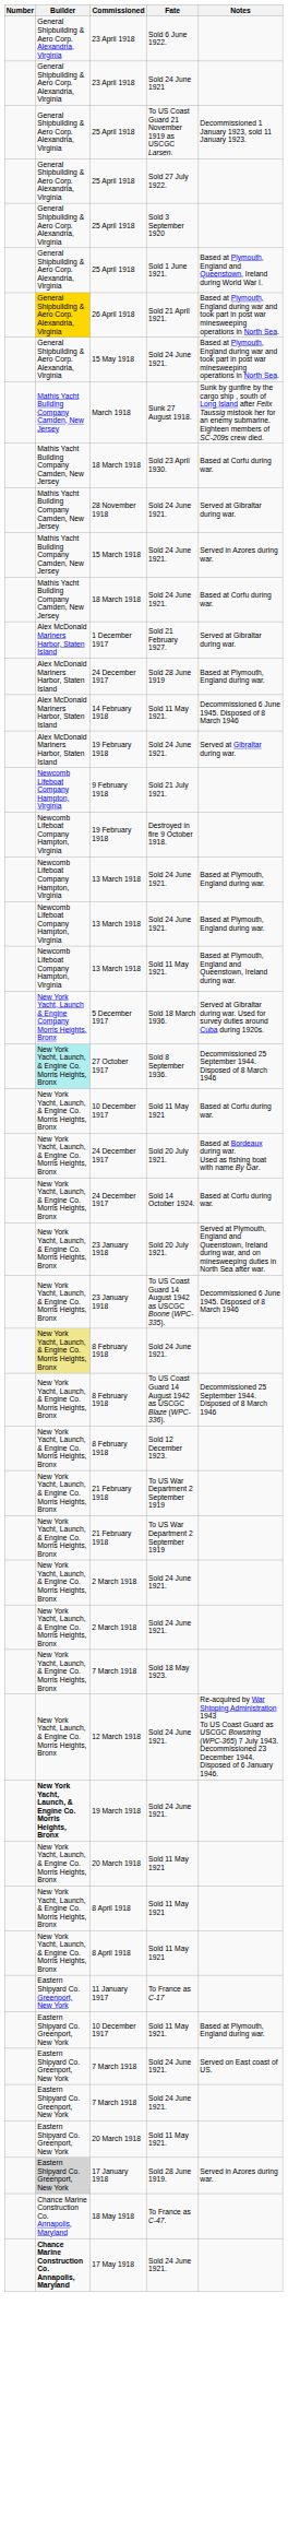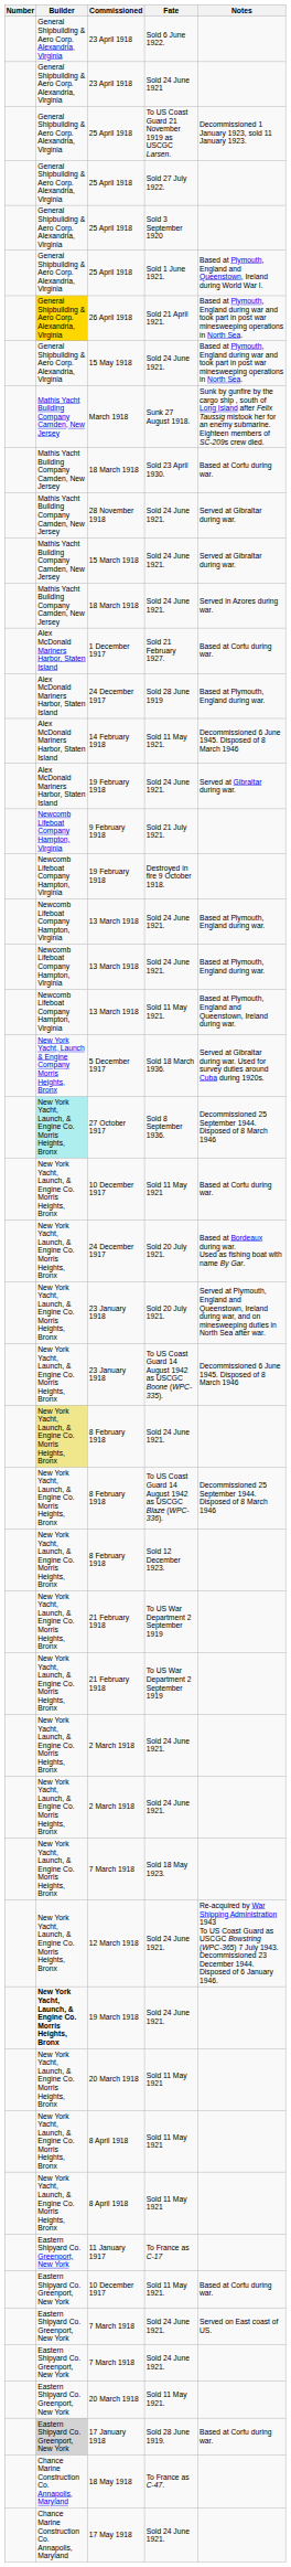 <table class="wikitable">
 <tr>
 <th>Number</th>
 <th>Builder</th>
 <th>Commissioned</th>
 <th>Fate</th>
 <th>Notes</th>
 </tr>
 <tr>
 <td></td>
 <td>General Shipbuilding & Aero Corp.<br><a href='#'>Alexandria, Virginia</a></td>
 <td>23 April 1918</td>
 <td>Sold 6 June 1922.</td>
 <td></td>
 </tr>
 <tr>
 <td></td>
 <td>General Shipbuilding & Aero Corp.<br>Alexandria, Virginia</td>
 <td>23 April 1918</td>
 <td>Sold 24 June 1921</td>
 <td></td>
 </tr>
 <tr>
 <td></td>
 <td>General Shipbuilding & Aero Corp.<br>Alexandria, Virginia</td>
 <td>25 April 1918</td>
 <td>To US Coast Guard 21 November 1919 as USCGC <em>Larsen</em>.</td>
 <td>Decommissioned 1 January 1923, sold 11 January 1923.</td>
 </tr>
 <tr>
 <td></td>
 <td>General Shipbuilding & Aero Corp.<br>Alexandria, Virginia</td>
 <td>25 April 1918</td>
 <td>Sold 27 July 1922.</td>
 <td></td>
 </tr>
 <tr>
 <td></td>
 <td>General Shipbuilding & Aero Corp.<br>Alexandria, Virginia</td>
 <td>25 April 1918</td>
 <td>Sold 3 September 1920</td>
 <td></td>
 </tr>
 <tr>
 <td></td>
 <td>General Shipbuilding & Aero Corp.<br>Alexandria, Virginia</td>
 <td>25 April 1918</td>
 <td>Sold 1 June 1921.</td>
 <td>Based at <a href='#'>Plymouth</a>, England and <a href='#'>Queenstown</a>, Ireland during World War I.</td>
 </tr>
 <tr>
 <td></td>
 <td style="background: gold;">General Shipbuilding & Aero Corp.<br>Alexandria, Virginia</td>
 <td>26 April 1918</td>
 <td>Sold 21 April 1921.</td>
 <td>Based at <a href='#'>Plymouth</a>, England during war and took part in post war minesweeping operations in <a href='#'>North Sea</a>.</td>
 </tr>
 <tr>
 <td></td>
 <td>General Shipbuilding & Aero Corp.<br>Alexandria, Virginia</td>
 <td>15 May 1918</td>
 <td>Sold 24 June 1921.</td>
 <td>Based at <a href='#'>Plymouth</a>, England during war and took part in post war minesweeping operations in <a href='#'>North Sea</a>.</td>
 </tr>
 <tr>
 <td></td>
 <td><a href='#'>Mathis Yacht Building Company</a><br><a href='#'>Camden, New Jersey</a></td>
 <td>March 1918</td>
 <td>Sunk 27 August 1918.</td>
 <td>Sunk by gunfire by the cargo ship , south of <a href='#'>Long Island</a> after <em>Felix Taussig</em> mistook her for an enemy submarine. Eighteen members of <em>SC-209</em>s crew died.</td>
 </tr>
 <tr>
 <td></td>
 <td>Mathis Yacht Building Company<br>Camden, New Jersey</td>
 <td>18 March 1918</td>
 <td>Sold 23 April 1930.</td>
 <td>Based at Corfu during war.</td>
 </tr>
 <tr>
 <td></td>
 <td>Mathis Yacht Building Company<br>Camden, New Jersey</td>
 <td>28 November 1918</td>
 <td>Sold 24 June 1921.</td>
 <td>Served at Gibraltar during war.</td>
 </tr>
 <tr>
 <td></td>
 <td>Mathis Yacht Building Company<br>Camden, New Jersey</td>
 <td>15 March 1918</td>
 <td>Sold 24 June 1921.</td>
-<td>Served in Azores during war.</td>
+<td>Served at Gibraltar during war.</td>
 </tr>
 <tr>
 <td></td>
 <td>Mathis Yacht Building Company<br>Camden, New Jersey</td>
 <td>18 March 1918</td>
 <td>Sold 24 June 1921.</td>
-<td>Based at Corfu during war.</td>
+<td>Served in Azores during war.</td>
 </tr>
 <tr>
 <td></td>
 <td>Alex McDonald<br><a href='#'>Mariners Harbor, Staten Island</a></td>
 <td>1 December 1917</td>
 <td>Sold 21 February 1927.</td>
-<td>Served at Gibraltar during war.</td>
+<td>Based at Corfu during war.</td>
 </tr>
 <tr>
 <td></td>
 <td>Alex McDonald<br>Mariners Harbor, Staten Island</td>
 <td>24 December 1917</td>
 <td>Sold 28 June 1919</td>
 <td>Based at Plymouth, England during war.</td>
 </tr>
 <tr>
 <td></td>
 <td>Alex McDonald<br>Mariners Harbor, Staten Island</td>
 <td>14 February 1918</td>
 <td>Sold 11 May 1921.</td>
 <td>Decommissioned 6 June 1945. Disposed of 8 March 1946</td>
 </tr>
 <tr>
 <td></td>
 <td>Alex McDonald<br>Mariners Harbor, Staten Island</td>
 <td>19 February 1918</td>
 <td>Sold 24 June 1921.</td>
 <td>Served at <a href='#'>Gibraltar</a> during war.</td>
 </tr>
 <tr>
 <td></td>
 <td><a href='#'>Newcomb Lifeboat Company</a><br><a href='#'>Hampton, Virginia</a></td>
 <td>9 February 1918</td>
 <td>Sold 21 July 1921.</td>
 <td></td>
 </tr>
 <tr>
 <td></td>
 <td>Newcomb Lifeboat  Company<br>Hampton, Virginia</td>
 <td>19 February 1918</td>
 <td>Destroyed in fire 9 October 1918.</td>
 <td></td>
 </tr>
 <tr>
 <td></td>
 <td>Newcomb Lifeboat  Company<br>Hampton, Virginia</td>
 <td>13 March 1918</td>
 <td>Sold 24 June 1921.</td>
 <td>Based at Plymouth, England during war.</td>
 </tr>
 <tr>
 <td></td>
 <td>Newcomb Lifeboat  Company<br>Hampton, Virginia</td>
 <td>13 March 1918</td>
 <td>Sold 24 June 1921.</td>
 <td>Based at Plymouth, England during war.</td>
 </tr>
 <tr>
 <td></td>
 <td>Newcomb Lifeboat  Company<br>Hampton, Virginia</td>
 <td>13 March 1918</td>
 <td>Sold 11 May 1921.</td>
 <td>Based at Plymouth, England and Queenstown, Ireland during war.</td>
 </tr>
 <tr>
 <td></td>
 <td><a href='#'>New York Yacht, Launch & Engine Company</a><br><a href='#'>Morris Heights, Bronx</a></td>
 <td>5 December 1917</td>
 <td>Sold 18 March 1936.</td>
 <td>Served at Gibraltar during war. Used for survey duties around <a href='#'>Cuba</a> during 1920s.</td>
 </tr>
 <tr>
 <td></td>
 <td style="background: paleturquoise;">New York Yacht, Launch, & Engine Co.<br>Morris Heights, Bronx</td>
 <td>27 October 1917</td>
 <td>Sold 8 September 1936.</td>
 <td>Decommissioned 25 September 1944. Disposed of 8 March 1946</td>
 </tr>
 <tr>
 <td></td>
 <td>New York Yacht, Launch, & Engine Co.<br>Morris Heights, Bronx</td>
 <td>10 December 1917</td>
 <td>Sold 11 May 1921</td>
 <td>Based at Corfu during war.</td>
 </tr>
 <tr>
 <td></td>
 <td>New York Yacht, Launch, & Engine Co.<br>Morris Heights, Bronx</td>
 <td>24 December 1917</td>
 <td>Sold 20 July 1921.</td>
 <td>Based at <a href='#'>Bordeaux</a> during war.<br>Used as fishing boat with name <em>By Gar</em>.</td>
-</tr>
-<tr>
-<td></td>
-<td>New York Yacht, Launch, & Engine Co.<br>Morris Heights, Bronx</td>
-<td>24 December 1917</td>
-<td>Sold 14 October 1924.</td>
-<td>Based at Corfu during war.</td>
 </tr>
 <tr>
 <td></td>
 <td>New York Yacht, Launch, & Engine Co.<br>Morris Heights, Bronx</td>
 <td>23 January 1918</td>
 <td>Sold 20 July 1921.</td>
 <td>Served at Plymouth, England and Queenstown, Ireland during war, and on minesweeping duties in North Sea after war.</td>
 </tr>
 <tr>
 <td></td>
 <td>New York Yacht, Launch, & Engine Co.<br>Morris Heights, Bronx</td>
 <td>23 January 1918</td>
 <td>To US Coast Guard 14 August 1942 as USCGC <em>Boone</em> (<em>WPC-335</em>).</td>
 <td>Decommissioned 6 June 1945. Disposed of 8 March 1946</td>
 </tr>
 <tr>
 <td></td>
 <td style="background: khaki;">New York Yacht, Launch, & Engine Co.<br>Morris Heights, Bronx</td>
 <td>8 February 1918</td>
 <td>Sold 24 June 1921.</td>
 <td></td>
 </tr>
 <tr>
 <td></td>
 <td>New York Yacht, Launch, & Engine Co.<br>Morris Heights, Bronx</td>
 <td>8 February 1918</td>
 <td>To US Coast Guard 14 August 1942 as USCGC <em>Blaze</em> (<em>WPC-336</em>).</td>
 <td>Decommissioned 25 September 1944. Disposed of 8 March 1946</td>
 </tr>
 <tr>
 <td></td>
 <td>New York Yacht, Launch, & Engine Co.<br>Morris Heights, Bronx</td>
 <td>8 February 1918</td>
 <td>Sold 12 December 1923.</td>
 <td></td>
 </tr>
 <tr>
 <td></td>
 <td>New York Yacht, Launch, & Engine Co.<br>Morris Heights, Bronx</td>
 <td>21 February 1918</td>
 <td>To US War Department 2 September 1919</td>
 <td></td>
 </tr>
 <tr>
 <td></td>
 <td>New York Yacht, Launch, & Engine Co.<br>Morris Heights, Bronx</td>
 <td>21 February 1918</td>
 <td>To US War Department 2 September 1919</td>
 <td></td>
 </tr>
 <tr>
 <td></td>
 <td>New York Yacht, Launch, & Engine Co.<br>Morris Heights, Bronx</td>
 <td>2 March 1918</td>
 <td>Sold 24 June 1921.</td>
 <td></td>
 </tr>
 <tr>
 <td></td>
 <td>New York Yacht, Launch, & Engine Co.<br>Morris Heights, Bronx</td>
 <td>2 March 1918</td>
 <td>Sold 24 June 1921.</td>
 <td></td>
 </tr>
 <tr>
 <td></td>
 <td>New York Yacht, Launch, & Engine Co.<br>Morris Heights, Bronx</td>
 <td>7 March 1918</td>
 <td>Sold 18 May 1923.</td>
 <td></td>
 </tr>
 <tr>
 <td></td>
 <td>New York Yacht, Launch, & Engine Co.<br>Morris Heights, Bronx</td>
 <td>12 March 1918</td>
 <td>Sold 24 June 1921.</td>
 <td>Re-acquired by <a href='#'>War Shipping Administration</a> 1943<br> To US Coast Guard as USCGC <em>Bowstring</em> (<em>WPC-365</em>) 7 July 1943. <br>Decommissioned 23 December 1944. Disposed of 6 January 1946.</td>
 </tr>
 <tr>
 <td></td>
 <td><strong>New York Yacht, Launch, & Engine Co.<br>Morris Heights, Bronx</strong></td>
 <td>19 March 1918</td>
 <td>Sold 24 June 1921.</td>
 <td></td>
 </tr>
 <tr>
 <td></td>
 <td>New York Yacht, Launch, & Engine Co.<br>Morris Heights, Bronx</td>
 <td>20 March 1918</td>
 <td>Sold 11 May 1921</td>
 <td></td>
 </tr>
 <tr>
 <td></td>
 <td>New York Yacht, Launch, & Engine Co.<br>Morris Heights, Bronx</td>
 <td>8 April 1918</td>
 <td>Sold 11 May 1921</td>
 <td></td>
 </tr>
 <tr>
 <td></td>
 <td>New York Yacht, Launch, & Engine Co.<br>Morris Heights, Bronx</td>
 <td>8 April 1918</td>
 <td>Sold 11 May 1921</td>
 <td></td>
 </tr>
 <tr>
 <td></td>
 <td>Eastern Shipyard Co.<br><a href='#'>Greenport, New York</a></td>
 <td>11 January 1917</td>
 <td>To France as <em>C-17</em></td>
 <td></td>
 </tr>
 <tr>
 <td></td>
 <td>Eastern Shipyard Co.<br>Greenport, New York</td>
 <td>10 December 1917</td>
 <td>Sold 11 May 1921.</td>
-<td>Based at Plymouth, England during war.</td>
+<td>Based at Corfu during war.</td>
 </tr>
 <tr>
 <td></td>
 <td>Eastern Shipyard Co.<br>Greenport, New York</td>
 <td>7 March 1918</td>
 <td>Sold 24 June 1921.</td>
 <td>Served on East coast of US.</td>
 </tr>
 <tr>
 <td></td>
 <td>Eastern Shipyard Co.<br>Greenport, New York</td>
 <td>7 March 1918</td>
 <td>Sold 24 June 1921.</td>
 <td></td>
 </tr>
 <tr>
 <td></td>
 <td>Eastern Shipyard Co.<br>Greenport, New York</td>
 <td>20 March 1918</td>
 <td>Sold 11 May 1921.</td>
 <td></td>
 </tr>
 <tr>
 <td></td>
 <td style="background: lightgrey;">Eastern Shipyard Co.<br>Greenport, New York</td>
 <td>17 January 1918</td>
 <td>Sold 28 June 1919.</td>
-<td>Served in Azores during war.</td>
+<td>Based at Corfu during war.</td>
 </tr>
 <tr>
 <td></td>
 <td>Chance Marine Construction Co.<br><a href='#'>Annapolis, Maryland</a></td>
 <td>18 May 1918</td>
 <td>To France as <em>C-47</em>.</td>
 <td></td>
 </tr>
 <tr>
 <td></td>
-<td><strong>Chance Marine Construction Co.<br>Annapolis, Maryland</strong></td>
+<td>Chance Marine Construction Co.<br>Annapolis, Maryland</td>
 <td>17 May 1918</td>
 <td>Sold 24 June 1921.</td>
 <td></td>
 </tr>
 </table>
